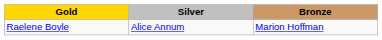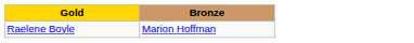 <table class="wikitable">
 <tr>
 <th style="background-color:gold; width:200px;">Gold</th>
-<th style="background-color:silver; width:200px;">Silver</th>
 <th style="background-color:#cc9966; width:200px;">Bronze</th>
 </tr>
 <tr>
 <td><a href='#'>Raelene Boyle</a><br><em></em></td>
-<td><a href='#'>Alice Annum</a><br><em></em></td>
 <td><a href='#'>Marion Hoffman</a><br><em></em></td>
 </tr>
 </table>
